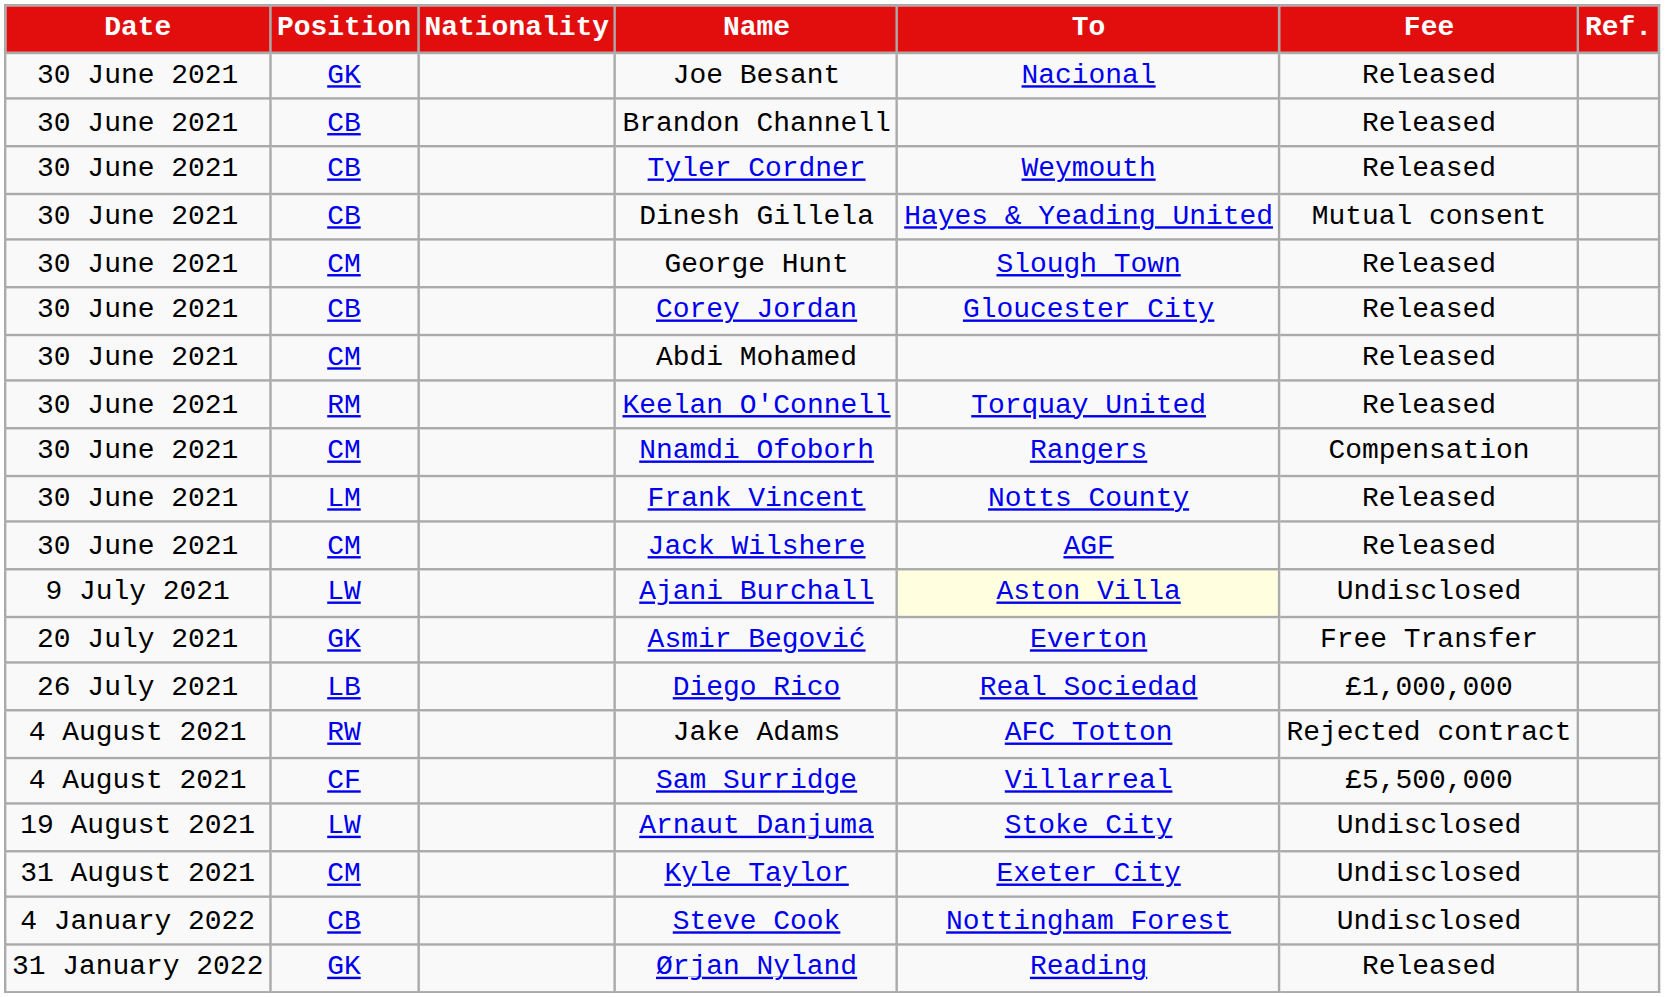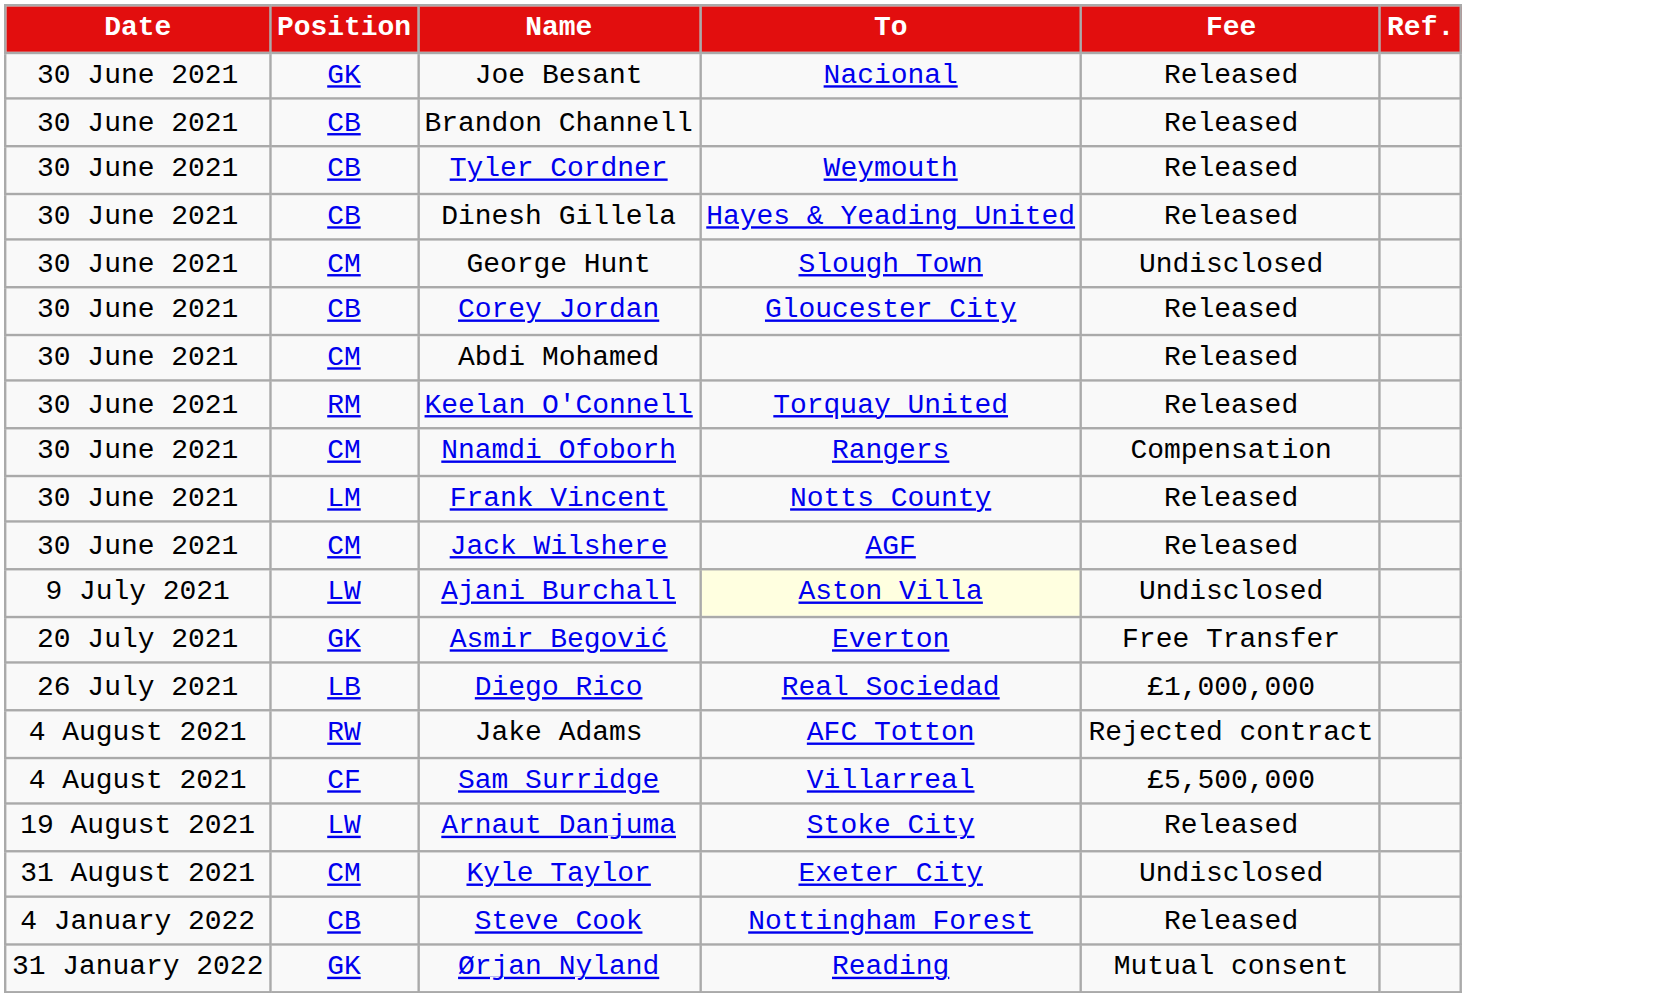 <table class="wikitable"  style="text-align:center; font-size:90%; ">
 <tr>
 <th style="background:#e20e0e;color:#FFFFFF;">Date</th>
 <th style="background:#e20e0e;color:#FFFFFF;">Position</th>
-<th style="background:#e20e0e;color:#FFFFFF;">Nationality</th>
 <th style="background:#e20e0e;color:#FFFFFF;">Name</th>
 <th style="background:#e20e0e;color:#FFFFFF;">To</th>
 <th style="background:#e20e0e;color:#FFFFFF;">Fee</th>
 <th style="background:#e20e0e;color:#FFFFFF;">Ref.</th>
 </tr>
 <tr>
 <td>30 June 2021</td>
 <td><a href='#'>GK</a></td>
-<td></td>
 <td>Joe Besant</td>
 <td> <a href='#'>Nacional</a></td>
 <td>Released</td>
 <td></td>
 </tr>
 <tr>
 <td>30 June 2021</td>
 <td><a href='#'>CB</a></td>
-<td></td>
 <td>Brandon Channell</td>
 <td></td>
 <td>Released</td>
 <td></td>
 </tr>
 <tr>
 <td>30 June 2021</td>
 <td><a href='#'>CB</a></td>
-<td></td>
 <td><a href='#'>Tyler Cordner</a></td>
 <td> <a href='#'>Weymouth</a></td>
 <td>Released</td>
 <td></td>
 </tr>
 <tr>
 <td>30 June 2021</td>
 <td><a href='#'>CB</a></td>
-<td></td>
 <td>Dinesh Gillela</td>
 <td> <a href='#'>Hayes & Yeading United</a></td>
-<td>Mutual consent</td>
+<td>Released</td>
 <td></td>
 </tr>
 <tr>
 <td>30 June 2021</td>
 <td><a href='#'>CM</a></td>
-<td></td>
 <td>George Hunt</td>
 <td> <a href='#'>Slough Town</a></td>
-<td>Released</td>
+<td>Undisclosed</td>
 <td></td>
 </tr>
 <tr>
 <td>30 June 2021</td>
 <td><a href='#'>CB</a></td>
-<td></td>
 <td><a href='#'>Corey Jordan</a></td>
 <td> <a href='#'>Gloucester City</a></td>
 <td>Released</td>
 <td></td>
 </tr>
 <tr>
 <td>30 June 2021</td>
 <td><a href='#'>CM</a></td>
-<td></td>
 <td>Abdi Mohamed</td>
 <td></td>
 <td>Released</td>
 <td></td>
 </tr>
 <tr>
 <td>30 June 2021</td>
 <td><a href='#'>RM</a></td>
-<td></td>
 <td><a href='#'>Keelan O'Connell</a></td>
 <td> <a href='#'>Torquay United</a></td>
 <td>Released</td>
 <td></td>
 </tr>
 <tr>
 <td>30 June 2021</td>
 <td><a href='#'>CM</a></td>
-<td></td>
 <td><a href='#'>Nnamdi Ofoborh</a></td>
 <td> <a href='#'>Rangers</a></td>
 <td>Compensation</td>
 <td></td>
 </tr>
 <tr>
 <td>30 June 2021</td>
 <td><a href='#'>LM</a></td>
-<td></td>
 <td><a href='#'>Frank Vincent</a></td>
 <td> <a href='#'>Notts County</a></td>
 <td>Released</td>
 <td></td>
 </tr>
 <tr>
 <td>30 June 2021</td>
 <td><a href='#'>CM</a></td>
-<td></td>
 <td><a href='#'>Jack Wilshere</a></td>
 <td> <a href='#'>AGF</a></td>
 <td>Released</td>
 <td></td>
 </tr>
 <tr>
 <td>9 July 2021</td>
 <td><a href='#'>LW</a></td>
-<td></td>
 <td><a href='#'>Ajani Burchall</a></td>
 <td style="background: lightyellow;"> <a href='#'>Aston Villa</a></td>
 <td>Undisclosed</td>
 <td></td>
 </tr>
 <tr>
 <td>20 July 2021</td>
 <td><a href='#'>GK</a></td>
-<td></td>
 <td><a href='#'>Asmir Begović</a></td>
 <td> <a href='#'>Everton</a></td>
 <td>Free Transfer</td>
 <td></td>
 </tr>
 <tr>
 <td>26 July 2021</td>
 <td><a href='#'>LB</a></td>
-<td></td>
 <td><a href='#'>Diego Rico</a></td>
 <td> <a href='#'>Real Sociedad</a></td>
 <td>£1,000,000</td>
 <td></td>
 </tr>
 <tr>
 <td>4 August 2021</td>
 <td><a href='#'>RW</a></td>
-<td></td>
 <td>Jake Adams</td>
 <td> <a href='#'>AFC Totton</a></td>
 <td>Rejected contract</td>
 <td></td>
 </tr>
 <tr>
 <td>4 August 2021</td>
 <td><a href='#'>CF</a></td>
-<td></td>
 <td><a href='#'>Sam Surridge</a></td>
 <td> <a href='#'>Villarreal</a></td>
 <td>£5,500,000</td>
 <td></td>
 </tr>
 <tr>
 <td>19 August 2021</td>
 <td><a href='#'>LW</a></td>
-<td></td>
 <td><a href='#'>Arnaut Danjuma</a></td>
 <td> <a href='#'>Stoke City</a></td>
-<td>Undisclosed</td>
+<td>Released</td>
 <td></td>
 </tr>
 <tr>
 <td>31 August 2021</td>
 <td><a href='#'>CM</a></td>
-<td></td>
 <td><a href='#'>Kyle Taylor</a></td>
 <td> <a href='#'>Exeter City</a></td>
 <td>Undisclosed</td>
 <td></td>
 </tr>
 <tr>
 <td>4 January 2022</td>
 <td><a href='#'>CB</a></td>
-<td></td>
 <td><a href='#'>Steve Cook</a></td>
 <td> <a href='#'>Nottingham Forest</a></td>
-<td>Undisclosed</td>
+<td>Released</td>
 <td></td>
 </tr>
 <tr>
 <td>31 January 2022</td>
 <td><a href='#'>GK</a></td>
-<td></td>
 <td><a href='#'>Ørjan Nyland</a></td>
 <td> <a href='#'>Reading</a></td>
-<td>Released</td>
+<td>Mutual consent</td>
 <td></td>
 </tr>
 </table>
